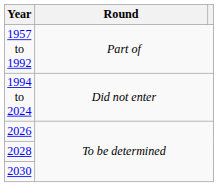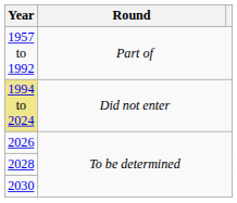 <table class="wikitable" style="text-align: center; font-size:90%">
 <tr>
 <th>Year</th>
 <th style="width:200px">Round</th>
 <th></th>
 </tr>
 <tr>
 <td><a href='#'>1957</a><br>to<br><a href='#'>1992</a></td>
 <td colspan="2"><em>Part of </em></td>
 </tr>
 <tr>
-<td><a href='#'>1994</a><br>to<br><a href='#'>2024</a></td>
+<td style="background: khaki;"><a href='#'>1994</a><br>to<br><a href='#'>2024</a></td>
 <td colspan="2"><em>Did not enter</em></td>
 </tr>
 <tr>
 <td><a href='#'>2026</a></td>
 <td colspan="2" rowspan="3"><em>To be determined</em></td>
 </tr>
 <tr>
 <td><a href='#'>2028</a></td>
 </tr>
 <tr>
 <td><a href='#'>2030</a></td>
 </tr>
 </table>
